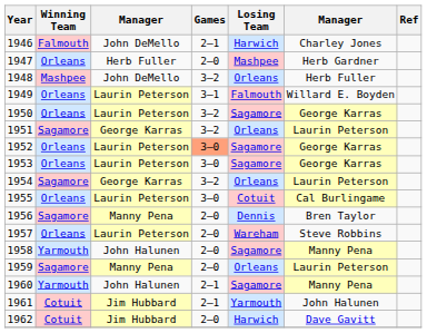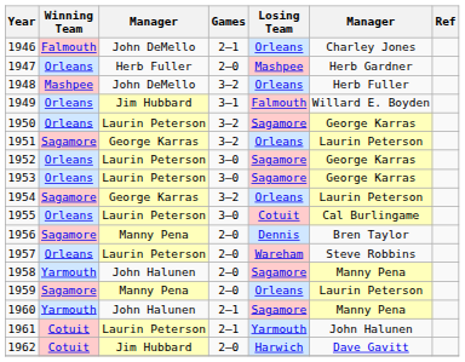 <table class="wikitable" style="display: inline-table; margin-right: 10px; text-align:center">
 <tr>
 <th>Year</th>
 <th>Winning<br>Team</th>
 <th>Manager</th>
 <th>Games</th>
 <th>Losing<br>Team</th>
 <th>Manager</th>
 <th>Ref</th>
 </tr>
 <tr>
 <td>1946</td>
 <td bgcolor=#ffcccc><a href='#'>Falmouth</a></td>
 <td>John DeMello</td>
 <td>2–1</td>
-<td bgcolor=#D0E7FF><a href='#'>Harwich</a></td>
+<td bgcolor=#D0E7FF><a href='#'>Orleans</a></td>
 <td>Charley Jones</td>
 <td></td>
 </tr>
 <tr>
 <td>1947</td>
 <td bgcolor=#D0E7FF><a href='#'>Orleans</a></td>
 <td>Herb Fuller</td>
 <td>2–0</td>
 <td bgcolor=#ffcccc><a href='#'>Mashpee</a></td>
 <td>Herb Gardner</td>
 <td></td>
 </tr>
 <tr>
 <td>1948</td>
 <td bgcolor=#ffcccc><a href='#'>Mashpee</a></td>
 <td>John DeMello</td>
 <td>3–2</td>
 <td bgcolor=#D0E7FF><a href='#'>Orleans</a></td>
 <td>Herb Fuller</td>
 <td></td>
 </tr>
 <tr>
 <td>1949</td>
 <td bgcolor=#D0E7FF><a href='#'>Orleans</a></td>
-<td !scope="row" style="background:#ffb;">Laurin Peterson</td>
+<td !scope="row" style="background:#ffb;">Jim Hubbard</td>
 <td>3–1</td>
 <td bgcolor=#ffcccc><a href='#'>Falmouth</a></td>
 <td>Willard E. Boyden</td>
 <td></td>
 </tr>
 <tr>
 <td>1950</td>
 <td bgcolor=#D0E7FF><a href='#'>Orleans</a></td>
 <td !scope="row" style="background:#ffb;">Laurin Peterson</td>
 <td>3–2</td>
 <td bgcolor=#ffcccc><a href='#'>Sagamore</a></td>
 <td !scope="row" style="background:#ffb;">George Karras</td>
 <td></td>
 </tr>
 <tr>
 <td>1951</td>
 <td bgcolor=#ffcccc><a href='#'>Sagamore</a></td>
 <td !scope="row" style="background:#ffb;">George Karras</td>
 <td>3–2</td>
 <td bgcolor=#D0E7FF><a href='#'>Orleans</a></td>
 <td !scope="row" style="background:#ffb;">Laurin Peterson</td>
 <td></td>
 </tr>
 <tr>
 <td>1952</td>
 <td bgcolor=#D0E7FF><a href='#'>Orleans</a></td>
 <td !scope="row" style="background:#ffb;">Laurin Peterson</td>
-<td style="background: lightsalmon;">3–0</td>
+<td>3–0</td>
 <td bgcolor=#ffcccc><a href='#'>Sagamore</a></td>
 <td !scope="row" style="background:#ffb;">George Karras</td>
 <td></td>
 </tr>
 <tr>
 <td>1953</td>
 <td bgcolor=#D0E7FF><a href='#'>Orleans</a></td>
 <td !scope="row" style="background:#ffb;">Laurin Peterson</td>
 <td>3–0</td>
 <td bgcolor=#ffcccc><a href='#'>Sagamore</a></td>
 <td !scope="row" style="background:#ffb;">George Karras</td>
 <td></td>
 </tr>
 <tr>
 <td>1954</td>
 <td bgcolor=#ffcccc><a href='#'>Sagamore</a></td>
 <td !scope="row" style="background:#ffb;">George Karras</td>
 <td>3–2</td>
 <td bgcolor=#D0E7FF><a href='#'>Orleans</a></td>
 <td !scope="row" style="background:#ffb;">Laurin Peterson</td>
 <td></td>
 </tr>
 <tr>
 <td>1955</td>
 <td bgcolor=#D0E7FF><a href='#'>Orleans</a></td>
 <td !scope="row" style="background:#ffb;">Laurin Peterson</td>
 <td>3–0</td>
 <td bgcolor=#ffcccc><a href='#'>Cotuit</a></td>
 <td !scope="row" style="background:#ffb;">Cal Burlingame</td>
 <td></td>
 </tr>
 <tr>
 <td>1956</td>
 <td bgcolor=#ffcccc><a href='#'>Sagamore</a></td>
 <td !scope="row" style="background:#ffb;">Manny Pena</td>
 <td>2–0</td>
 <td bgcolor=#D0E7FF><a href='#'>Dennis</a></td>
 <td>Bren Taylor</td>
 <td></td>
 </tr>
 <tr>
 <td>1957</td>
 <td bgcolor=#D0E7FF><a href='#'>Orleans</a></td>
 <td !scope="row" style="background:#ffb;">Laurin Peterson</td>
 <td>2–0</td>
 <td bgcolor=#ffcccc><a href='#'>Wareham</a></td>
 <td>Steve Robbins</td>
 <td></td>
 </tr>
 <tr>
 <td>1958</td>
 <td bgcolor=#D0E7FF><a href='#'>Yarmouth</a></td>
 <td>John Halunen</td>
 <td>2–0</td>
 <td bgcolor=#ffcccc><a href='#'>Sagamore</a></td>
 <td !scope="row" style="background:#ffb;">Manny Pena</td>
 <td></td>
 </tr>
 <tr>
 <td>1959</td>
 <td bgcolor=#ffcccc><a href='#'>Sagamore</a></td>
 <td !scope="row" style="background:#ffb;">Manny Pena</td>
 <td>2–0</td>
 <td bgcolor=#D0E7FF><a href='#'>Orleans</a></td>
 <td !scope="row" style="background:#ffb;">Laurin Peterson</td>
 <td></td>
 </tr>
 <tr>
 <td>1960</td>
 <td bgcolor=#D0E7FF><a href='#'>Yarmouth</a></td>
 <td>John Halunen</td>
 <td>2–1</td>
 <td bgcolor=#ffcccc><a href='#'>Sagamore</a></td>
 <td !scope="row" style="background:#ffb;">Manny Pena</td>
 <td></td>
 </tr>
 <tr>
 <td>1961</td>
 <td bgcolor=#ffcccc><a href='#'>Cotuit</a></td>
-<td !scope="row" style="background:#ffb;">Jim Hubbard</td>
+<td !scope="row" style="background:#ffb;">Laurin Peterson</td>
 <td>2–1</td>
 <td bgcolor=#D0E7FF><a href='#'>Yarmouth</a></td>
 <td>John Halunen</td>
 <td></td>
 </tr>
 <tr>
 <td>1962</td>
 <td bgcolor=#ffcccc><a href='#'>Cotuit</a></td>
 <td !scope="row" style="background:#ffb;">Jim Hubbard</td>
 <td>2–0</td>
 <td bgcolor=#D0E7FF><a href='#'>Harwich</a></td>
 <td><a href='#'>Dave Gavitt</a></td>
 <td></td>
 </tr>
 <tr>
 </tr>
 </table>
